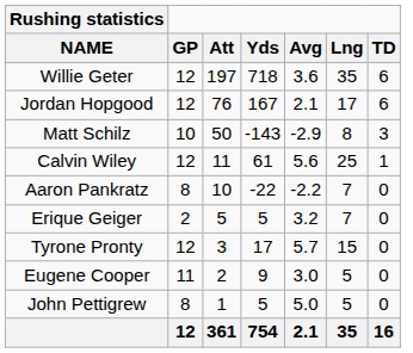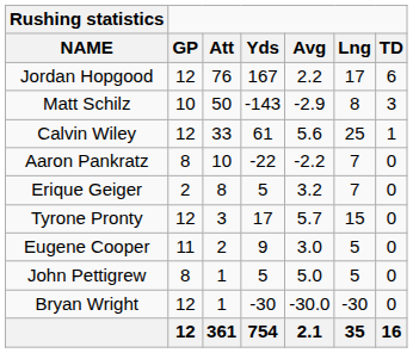 <table class="wikitable sortable" style="text-align:center;">
 <tr>
 <th style="text-align:center; ">Rushing statistics</th>
 </tr>
 <tr>
 <th>NAME</th>
 <th>GP</th>
 <th>Att</th>
 <th>Yds</th>
 <th>Avg</th>
 <th>Lng</th>
 <th>TD</th>
 </tr>
 <tr>
-<td>Willie Geter</td>
-<td>12</td>
-<td>197</td>
-<td>718</td>
-<td>3.6</td>
-<td>35</td>
-<td>6</td>
-</tr>
-<tr>
 <td>Jordan Hopgood</td>
 <td>12</td>
 <td>76</td>
 <td>167</td>
-<td>2.1</td>
+<td>2.2</td>
 <td>17</td>
 <td>6</td>
 </tr>
 <tr>
 <td>Matt Schilz</td>
 <td>10</td>
 <td>50</td>
 <td>-143</td>
 <td>-2.9</td>
 <td>8</td>
 <td>3</td>
 </tr>
 <tr>
 <td>Calvin Wiley</td>
 <td>12</td>
-<td>11</td>
+<td>33</td>
 <td>61</td>
 <td>5.6</td>
 <td>25</td>
 <td>1</td>
 </tr>
 <tr>
 <td>Aaron Pankratz</td>
 <td>8</td>
 <td>10</td>
 <td>-22</td>
 <td>-2.2</td>
 <td>7</td>
 <td>0</td>
 </tr>
 <tr>
 <td>Erique Geiger</td>
 <td>2</td>
-<td>5</td>
+<td>8</td>
 <td>5</td>
 <td>3.2</td>
 <td>7</td>
 <td>0</td>
 </tr>
 <tr>
 <td>Tyrone Pronty</td>
 <td>12</td>
 <td>3</td>
 <td>17</td>
 <td>5.7</td>
 <td>15</td>
 <td>0</td>
 </tr>
 <tr>
 <td>Eugene Cooper</td>
 <td>11</td>
 <td>2</td>
 <td>9</td>
 <td>3.0</td>
 <td>5</td>
 <td>0</td>
 </tr>
 <tr>
 <td>John Pettigrew</td>
 <td>8</td>
 <td>1</td>
 <td>5</td>
 <td>5.0</td>
 <td>5</td>
 <td>0</td>
 </tr>
 <tr>
+<td>Bryan Wright</td>
+<td>12</td>
+<td>1</td>
+<td>-30</td>
+<td>-30.0</td>
+<td>-30</td>
+<td>0</td>
+</tr>
+<tr>
 <th colspan="1"></th>
 <th>12</th>
 <th>361</th>
 <th>754</th>
 <th>2.1</th>
 <th>35</th>
 <th>16</th>
 </tr>
 </table>
